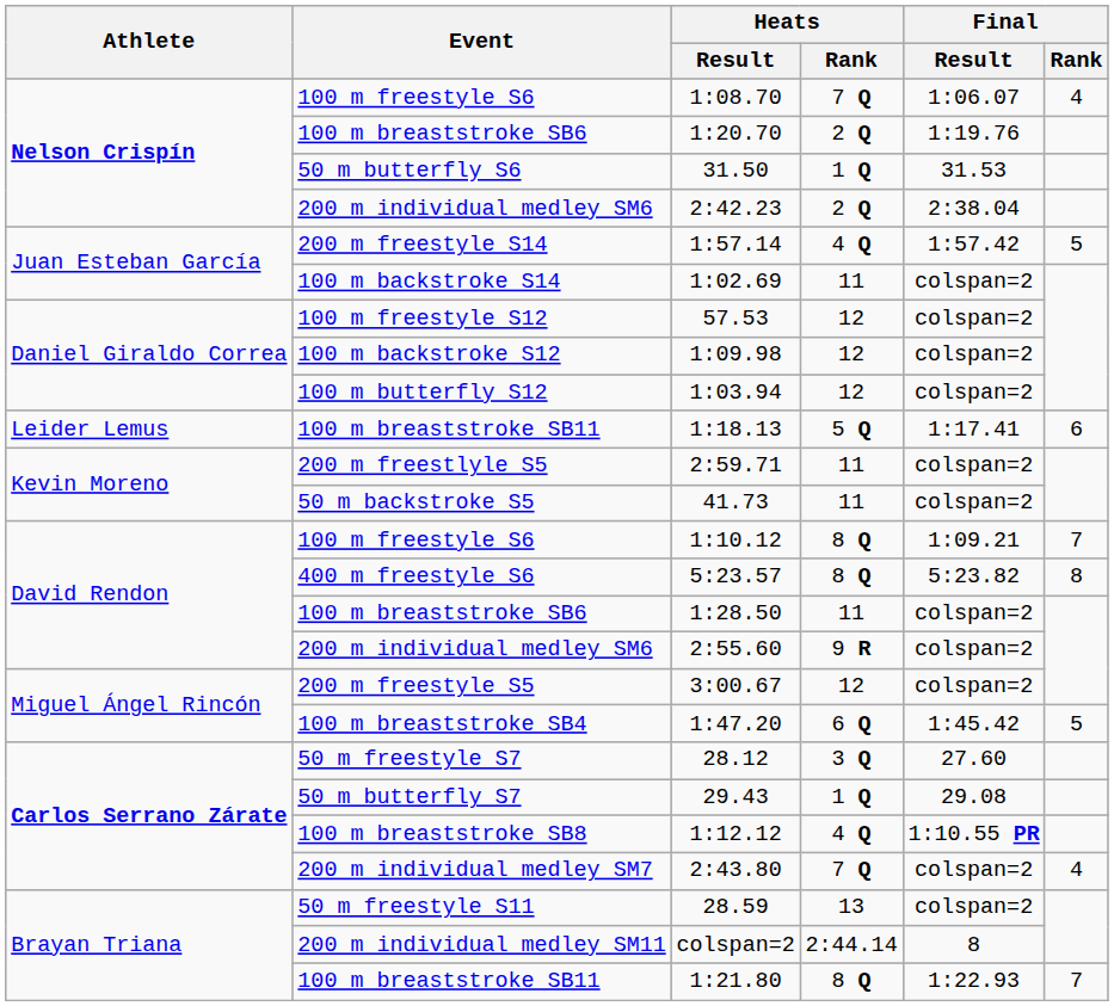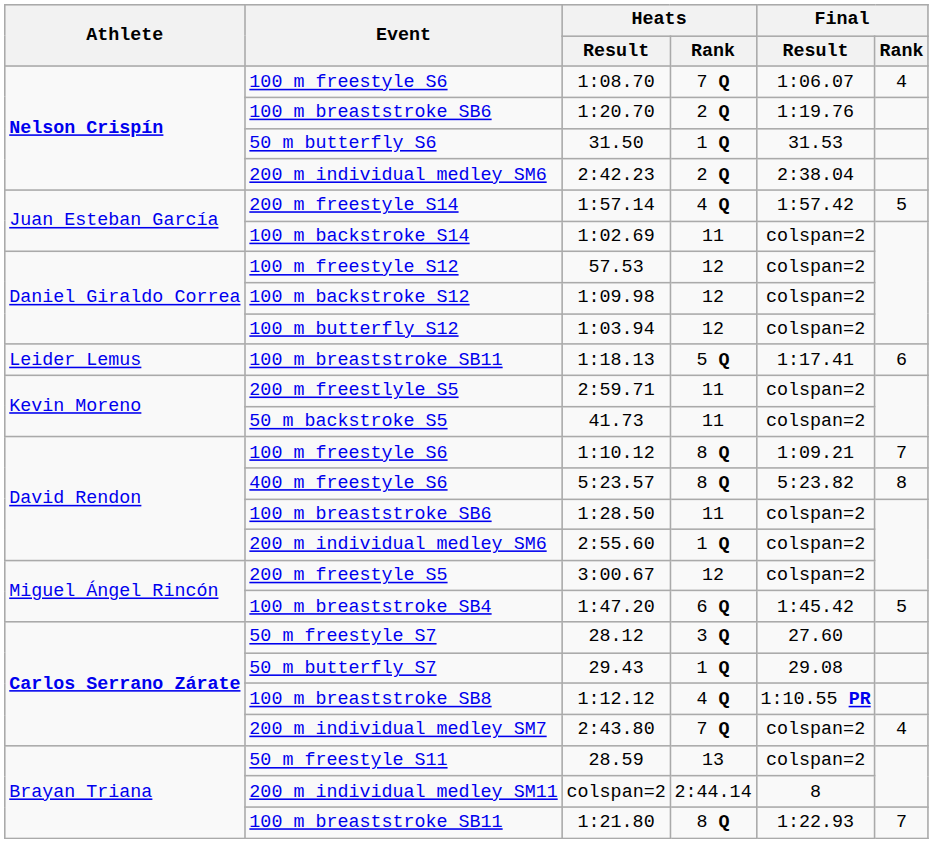 <table class=wikitable style="font-size:90%">
 <tr>
 <th rowspan="2">Athlete</th>
 <th rowspan="2">Event</th>
 <th colspan="2">Heats</th>
 <th colspan="2">Final</th>
 </tr>
 <tr>
 <th>Result</th>
 <th>Rank</th>
 <th>Result</th>
 <th>Rank</th>
 </tr>
 <tr style="text-align:center">
 <td style="text-align:left" rowspan=4><strong><a href='#'>Nelson Crispín</a></strong></td>
 <td style="text-align:left"><a href='#'>100 m freestyle S6</a></td>
 <td>1:08.70</td>
 <td>7 <strong>Q</strong></td>
 <td>1:06.07</td>
 <td>4</td>
 </tr>
 <tr style="text-align:center">
 <td style="text-align:left"><a href='#'>100 m breaststroke SB6</a></td>
 <td>1:20.70</td>
 <td>2 <strong>Q</strong></td>
 <td>1:19.76</td>
 <td></td>
 </tr>
 <tr style="text-align:center">
 <td style="text-align:left"><a href='#'>50 m butterfly S6</a></td>
 <td>31.50</td>
 <td>1 <strong>Q</strong></td>
 <td>31.53</td>
 <td></td>
 </tr>
 <tr style="text-align:center">
 <td style="text-align:left"><a href='#'>200 m individual medley SM6</a></td>
 <td>2:42.23</td>
 <td>2 <strong>Q</strong></td>
 <td>2:38.04 <strong></strong></td>
 <td></td>
 </tr>
 <tr style="text-align:center">
 <td style="text-align:left" rowspan=2><a href='#'>Juan Esteban García</a></td>
 <td style="text-align:left"><a href='#'>200 m freestyle S14</a></td>
 <td>1:57.14</td>
 <td>4 <strong>Q</strong></td>
 <td>1:57.42</td>
 <td>5</td>
 </tr>
 <tr style="text-align:center">
 <td style="text-align:left"><a href='#'>100 m backstroke S14</a></td>
 <td>1:02.69</td>
 <td>11</td>
 <td>colspan=2 </td>
 </tr>
 <tr style="text-align:center">
 <td style="text-align:left" rowspan=3><a href='#'>Daniel Giraldo Correa</a></td>
 <td style="text-align:left"><a href='#'>100 m freestyle S12</a></td>
 <td>57.53</td>
 <td>12</td>
 <td>colspan=2 </td>
 </tr>
 <tr style="text-align:center">
 <td style="text-align:left"><a href='#'>100 m backstroke S12</a></td>
 <td>1:09.98</td>
 <td>12</td>
 <td>colspan=2 </td>
 </tr>
 <tr style="text-align:center">
 <td style="text-align:left"><a href='#'>100 m butterfly S12</a></td>
 <td>1:03.94</td>
 <td>12</td>
 <td>colspan=2 </td>
 </tr>
 <tr style="text-align:center">
 <td style="text-align:left"><a href='#'>Leider Lemus</a></td>
 <td style="text-align:left"><a href='#'>100 m breaststroke SB11</a></td>
 <td>1:18.13</td>
 <td>5 <strong>Q</strong></td>
 <td>1:17.41</td>
 <td>6</td>
 </tr>
 <tr style="text-align:center">
 <td style="text-align:left" rowspan=2><a href='#'>Kevin Moreno</a></td>
 <td style="text-align:left"><a href='#'>200 m freestlyle S5</a></td>
 <td>2:59.71</td>
 <td>11</td>
 <td>colspan=2 </td>
 </tr>
 <tr style="text-align:center">
 <td style="text-align:left"><a href='#'>50 m backstroke S5</a></td>
 <td>41.73</td>
 <td>11</td>
 <td>colspan=2 </td>
 </tr>
 <tr style="text-align:center">
 <td style="text-align:left" rowspan=4><a href='#'>David Rendon</a></td>
 <td style="text-align:left"><a href='#'>100 m freestyle S6</a></td>
 <td>1:10.12</td>
 <td>8 <strong>Q</strong></td>
 <td>1:09.21</td>
 <td>7</td>
 </tr>
 <tr style="text-align:center">
 <td style="text-align:left"><a href='#'>400 m freestyle S6</a></td>
 <td>5:23.57</td>
 <td>8 <strong>Q</strong></td>
 <td>5:23.82</td>
 <td>8</td>
 </tr>
 <tr style="text-align:center">
 <td style="text-align:left"><a href='#'>100 m breaststroke SB6</a></td>
 <td>1:28.50</td>
 <td>11</td>
 <td>colspan=2 </td>
 </tr>
 <tr style="text-align:center">
 <td style="text-align:left"><a href='#'>200 m individual medley SM6</a></td>
 <td>2:55.60</td>
-<td>9 <strong>R</strong></td>
+<td>1 <strong>Q</strong></td>
 <td>colspan=2 </td>
 </tr>
 <tr style="text-align:center">
 <td style="text-align:left" rowspan=2><a href='#'>Miguel Ángel Rincón</a></td>
 <td style="text-align:left"><a href='#'>200 m freestyle S5</a></td>
 <td>3:00.67</td>
 <td>12</td>
 <td>colspan=2 </td>
 </tr>
 <tr style="text-align:center">
 <td style="text-align:left"><a href='#'>100 m breaststroke SB4</a></td>
 <td>1:47.20</td>
 <td>6 <strong>Q</strong></td>
 <td>1:45.42</td>
 <td>5</td>
 </tr>
 <tr style="text-align:center">
 <td style="text-align:left" rowspan=4><strong><a href='#'>Carlos Serrano Zárate</a></strong></td>
 <td style="text-align:left"><a href='#'>50 m freestyle S7</a></td>
 <td>28.12</td>
 <td>3 <strong>Q</strong></td>
 <td>27.60</td>
 <td></td>
 </tr>
 <tr style="text-align:center">
 <td style="text-align:left"><a href='#'>50 m butterfly S7</a></td>
 <td>29.43</td>
 <td>1 <strong>Q</strong></td>
 <td>29.08</td>
 <td></td>
 </tr>
 <tr style="text-align:center">
 <td style="text-align:left"><a href='#'>100 m breaststroke SB8</a></td>
 <td>1:12.12</td>
 <td>4 <strong>Q</strong></td>
 <td>1:10.55 <strong><a href='#'>PR</a></strong></td>
 <td></td>
 </tr>
 <tr style="text-align:center">
 <td style="text-align:left"><a href='#'>200 m individual medley SM7</a></td>
 <td>2:43.80</td>
 <td>7 <strong>Q</strong></td>
 <td>colspan=2 </td>
 <td>4</td>
 </tr>
 <tr style="text-align:center">
 <td style="text-align:left" rowspan=3><a href='#'>Brayan Triana</a></td>
 <td style="text-align:left"><a href='#'>50 m freestyle S11</a></td>
 <td>28.59</td>
 <td>13</td>
 <td>colspan=2 </td>
 </tr>
 <tr style="text-align:center">
 <td style="text-align:left"><a href='#'>200 m individual medley SM11</a></td>
 <td>colspan=2 </td>
 <td>2:44.14</td>
 <td>8</td>
 </tr>
 <tr style="text-align:center">
 <td style="text-align:left"><a href='#'>100 m breaststroke SB11</a></td>
 <td>1:21.80</td>
 <td>8 <strong>Q</strong></td>
 <td>1:22.93</td>
 <td>7</td>
 </tr>
 </table>
